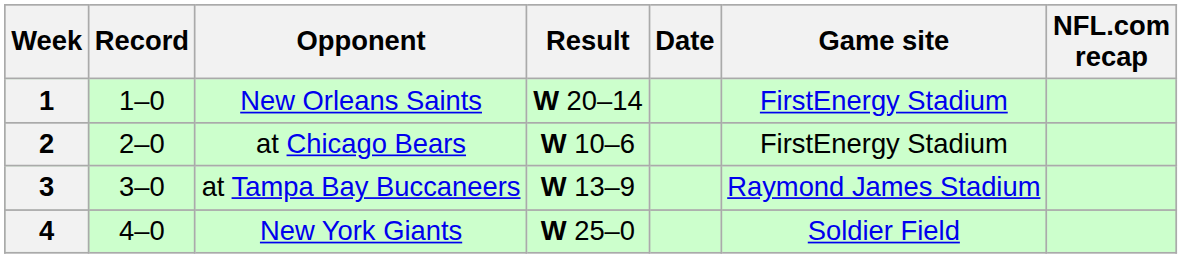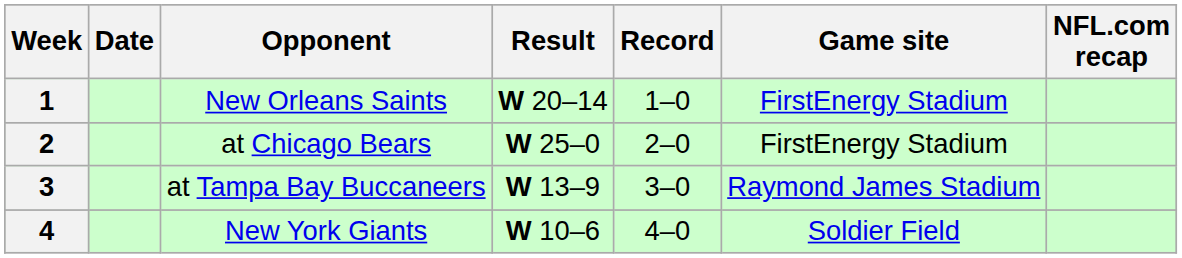 <table class="wikitable" style="text-align:center">
 <tr>
 <th>Week</th>
-<th>Record</th>
+<th>Date</th>
 <th>Opponent</th>
 <th>Result</th>
-<th>Date</th>
+<th>Record</th>
 <th>Game site</th>
 <th>NFL.com<br>recap</th>
 </tr>
 <tr style="background:#cfc">
 <th>1</th>
-<td>1–0</td>
+<td></td>
 <td><a href='#'>New Orleans Saints</a></td>
 <td><strong>W</strong> 20–14</td>
-<td></td>
+<td>1–0</td>
 <td><a href='#'>FirstEnergy Stadium</a></td>
 <td></td>
 </tr>
 <tr style="background:#cfc">
 <th>2</th>
+<td></td>
+<td>at <a href='#'>Chicago Bears</a></td>
+<td><strong>W</strong> 25–0</td>
 <td>2–0</td>
-<td>at <a href='#'>Chicago Bears</a></td>
-<td><strong>W</strong> 10–6</td>
-<td></td>
 <td>FirstEnergy Stadium</td>
 <td></td>
 </tr>
 <tr style="background:#cfc">
 <th>3</th>
-<td>3–0</td>
+<td></td>
 <td>at <a href='#'>Tampa Bay Buccaneers</a></td>
 <td><strong>W</strong> 13–9</td>
-<td></td>
+<td>3–0</td>
 <td><a href='#'>Raymond James Stadium</a></td>
 <td></td>
 </tr>
 <tr style="background:#cfc">
 <th>4</th>
+<td></td>
+<td><a href='#'>New York Giants</a></td>
+<td><strong>W</strong> 10–6</td>
 <td>4–0</td>
-<td><a href='#'>New York Giants</a></td>
-<td><strong>W</strong> 25–0</td>
-<td></td>
 <td><a href='#'>Soldier Field</a></td>
 <td></td>
 </tr>
 </table>
